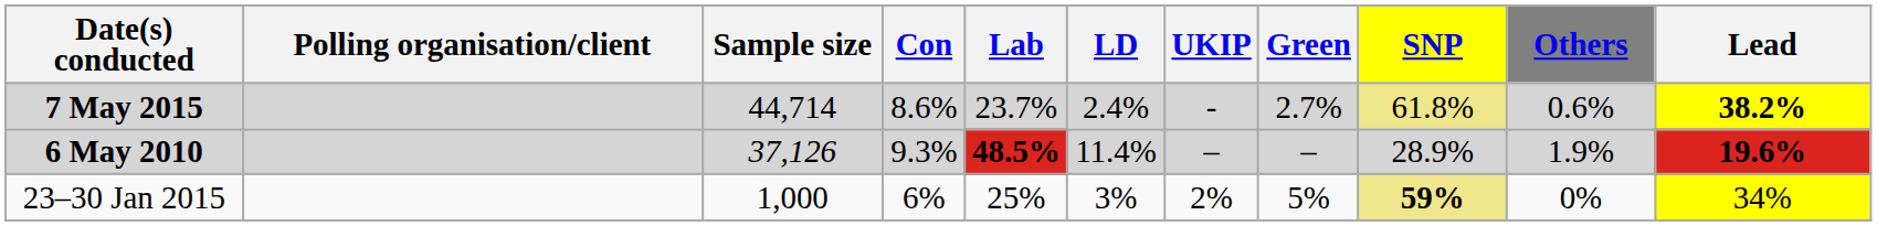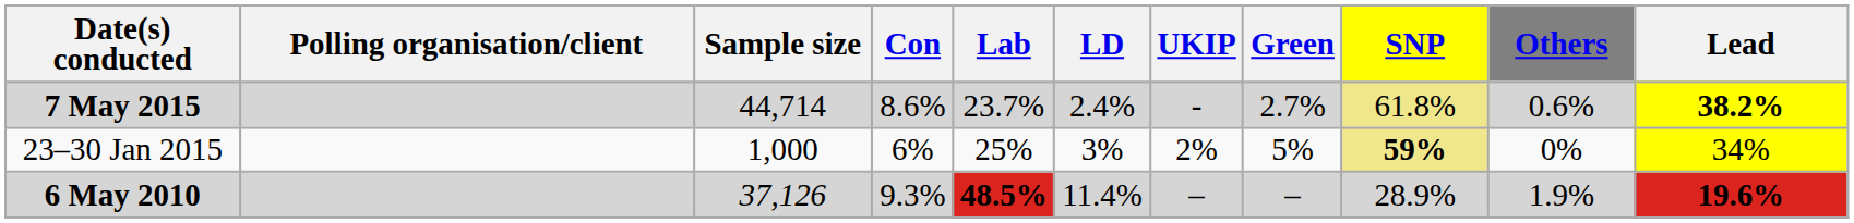 <table class="wikitable sortable" style="text-align:center;font-size:90%;line-height:14px">
 <tr>
 <th ! style="width:100px;">Date(s)<br>conducted</th>
 <th style="width:200px;">Polling organisation/client</th>
 <th class="unsortable" style="width:75px;">Sample size</th>
 <th class="unsortable" style="background:"><a href='#'><span>Con</span></a></th>
 <th class="unsortable" style="background:"><a href='#'><span>Lab</span></a></th>
 <th class="unsortable" style="background:"><a href='#'><span>LD</span></a></th>
 <th class="unsortable" style="background:"><a href='#'><span>UKIP</span></a></th>
 <th class="unsortable" style="background:"><a href='#'><span>Green</span></a></th>
 <th class="unsortable" style="background:#ffff00; width:60px;"><a href='#'><span>SNP</span></a></th>
 <th class="unsortable" style="background:gray; width:60px;"><a href='#'><span>Others</span></a></th>
 <th class="unsortable" style="width:90px;">Lead</th>
 </tr>
 <tr>
 <td style="background:#D5D5D5"><strong>7 May 2015</strong></td>
 <td style="background:#D5D5D5"></td>
 <td style="background:#D5D5D5">44,714</td>
 <td style="background:#D5D5D5">8.6%</td>
 <td style="background:#D5D5D5">23.7%</td>
 <td style="background:#D5D5D5">2.4%</td>
 <td style="background:#D5D5D5">-</td>
 <td style="background:#D5D5D5">2.7%</td>
 <td style="background:khaki">61.8%</td>
 <td style="background:#D5D5D5">0.6%</td>
 <td style="background:#ff0"><span><strong>38.2% </strong></span></td>
 </tr>
 <tr>
+<td>23–30 Jan 2015</td>
+<td> </td>
+<td>1,000</td>
+<td>6%</td>
+<td>25%</td>
+<td>3%</td>
+<td>2%</td>
+<td>5%</td>
+<td style="background:khaki"><strong>59%</strong></td>
+<td>0%</td>
+<td style="background:#ff0"><span>34% </span></td>
+</tr>
+<tr>
 <td style="background:#D5D5D5"><strong>6 May 2010</strong></td>
 <td style="background:#D5D5D5"></td>
 <td style="background:#D5D5D5"><em>37,126</em></td>
 <td style="background:#D5D5D5">9.3%</td>
 <td style="background:#dc241f"><span><strong>48.5%</strong></span></td>
 <td style="background:#D5D5D5">11.4%</td>
 <td style="background:#D5D5D5">–</td>
 <td style="background:#D5D5D5">–</td>
 <td style="background:#D5D5D5">28.9%</td>
 <td style="background:#D5D5D5">1.9%</td>
 <td style="background:#dc241f"><span><strong>19.6% </strong></span></td>
 </tr>
-<tr>
-<td>23–30 Jan 2015</td>
-<td> </td>
-<td>1,000</td>
-<td>6%</td>
-<td>25%</td>
-<td>3%</td>
-<td>2%</td>
-<td>5%</td>
-<td style="background:khaki"><strong>59%</strong></td>
-<td>0%</td>
-<td style="background:#ff0"><span>34% </span></td>
-</tr>
 </table>
